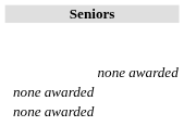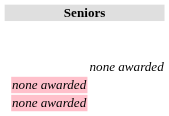 <table>
 <tr bgcolor="DFDFDF">
 <td colspan="4" align="center"><strong>Seniors</strong></td>
 </tr>
 <tr>
 <th scope=row style="text-align:left"><br></th>
 <td></td>
 <td></td>
 <td></td>
 </tr>
 <tr>
 <th scope=row style="text-align:left"><br></th>
 <td></td>
 <td></td>
 <td></td>
 </tr>
 <tr>
 <th scope=row style="text-align:left"><br></th>
 <td></td>
 <td><br></td>
 <td><em>none awarded</em></td>
 </tr>
 <tr>
 <th scope=row style="text-align:left"><br></th>
 <td><br></td>
-<td><em>none awarded</em></td>
+<td style="background: pink;"><em>none awarded</em></td>
 <td></td>
 </tr>
 <tr>
 <th scope=row style="text-align:left"><br></th>
 <td><br></td>
-<td><em>none awarded</em></td>
+<td style="background: pink;"><em>none awarded</em></td>
 <td><br></td>
 </tr>
 </table>
